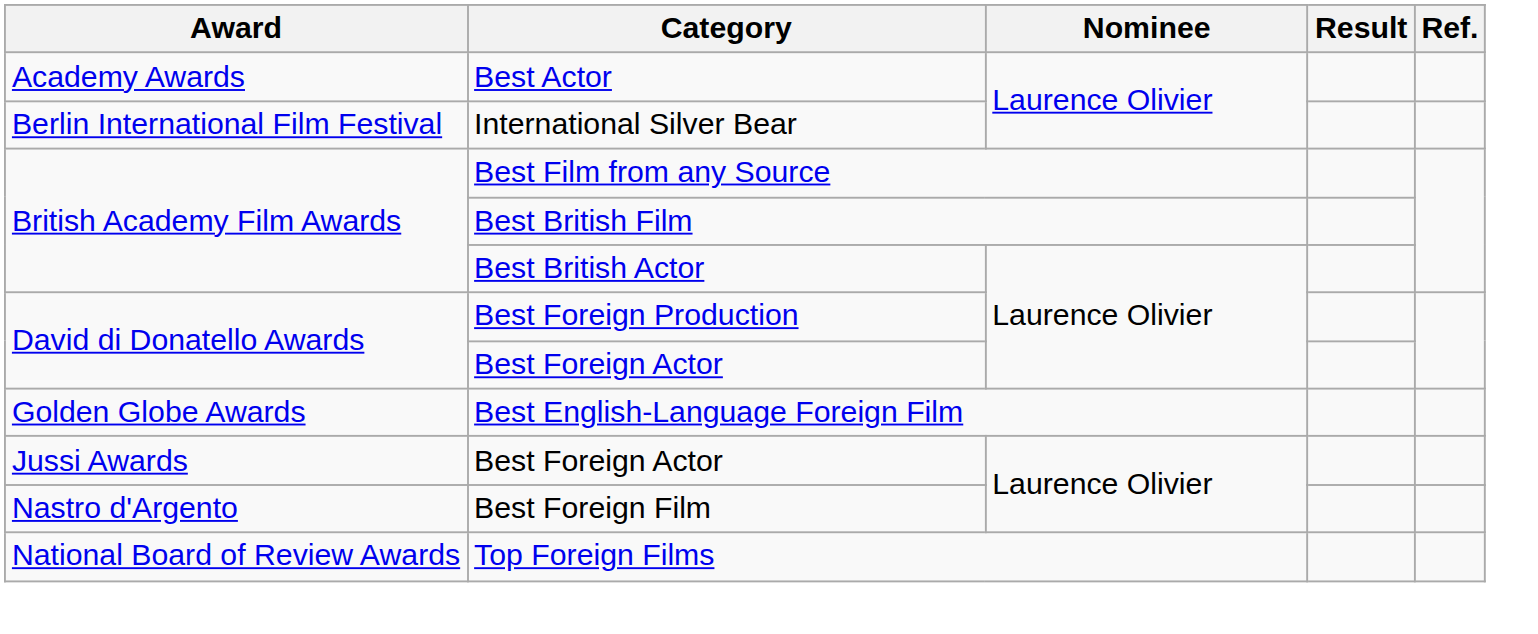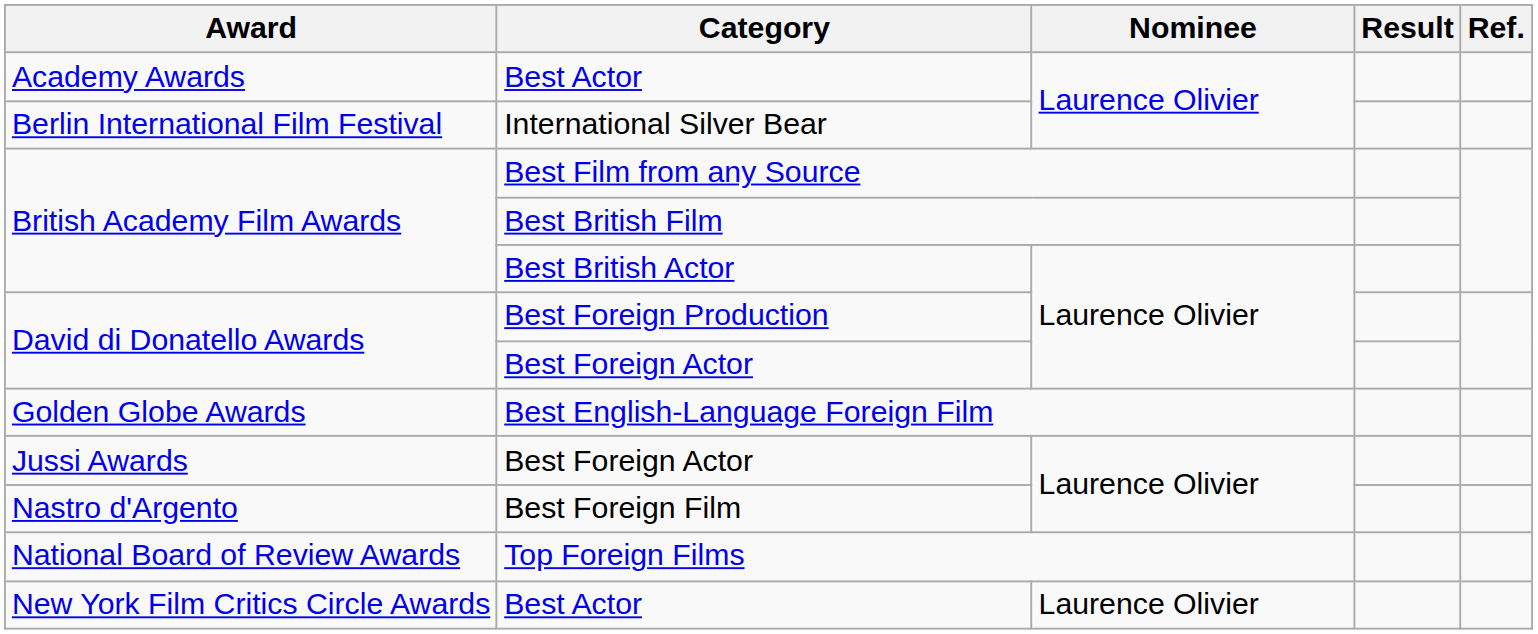 <table class="wikitable plainrowheaders">
 <tr>
 <th>Award</th>
 <th scope="col" style="width:35%;">Category</th>
 <th>Nominee</th>
 <th>Result</th>
 <th>Ref.</th>
 </tr>
 <tr>
 <td><a href='#'>Academy Awards</a></td>
 <td><a href='#'>Best Actor</a></td>
 <td rowspan="2"><a href='#'>Laurence Olivier</a></td>
 <td></td>
 <td align="center"></td>
 </tr>
 <tr>
 <td><a href='#'>Berlin International Film Festival</a></td>
 <td>International Silver Bear</td>
 <td></td>
 <td align="center"></td>
 </tr>
 <tr>
 <td rowspan="3"><a href='#'>British Academy Film Awards</a></td>
 <td colspan="2"><a href='#'>Best Film from any Source</a></td>
 <td></td>
 <td align="center" rowspan="3"></td>
 </tr>
 <tr>
 <td colspan="2"><a href='#'>Best British Film</a></td>
 <td></td>
 </tr>
 <tr>
 <td><a href='#'>Best British Actor</a></td>
 <td rowspan="3">Laurence Olivier</td>
 <td></td>
 </tr>
 <tr>
 <td rowspan="2"><a href='#'>David di Donatello Awards</a></td>
 <td><a href='#'>Best Foreign Production</a></td>
 <td></td>
 <td align="center" rowspan="2"></td>
 </tr>
 <tr>
 <td><a href='#'>Best Foreign Actor</a></td>
 <td></td>
 </tr>
 <tr>
 <td><a href='#'>Golden Globe Awards</a></td>
 <td colspan="2"><a href='#'>Best English-Language Foreign Film</a></td>
 <td></td>
 <td align="center"></td>
 </tr>
 <tr>
 <td><a href='#'>Jussi Awards</a></td>
 <td>Best Foreign Actor</td>
 <td rowspan="2">Laurence Olivier</td>
 <td></td>
 <td align="center"></td>
 </tr>
 <tr>
 <td><a href='#'>Nastro d'Argento</a></td>
 <td>Best Foreign Film</td>
 <td></td>
 <td align="center"></td>
 </tr>
 <tr>
 <td><a href='#'>National Board of Review Awards</a></td>
 <td colspan="2"><a href='#'>Top Foreign Films</a></td>
 <td></td>
 <td align="center"></td>
 </tr>
+<tr>
+<td><a href='#'>New York Film Critics Circle Awards</a></td>
+<td><a href='#'>Best Actor</a></td>
+<td>Laurence Olivier</td>
+<td></td>
+<td align="center"></td>
+</tr>
 </table>
